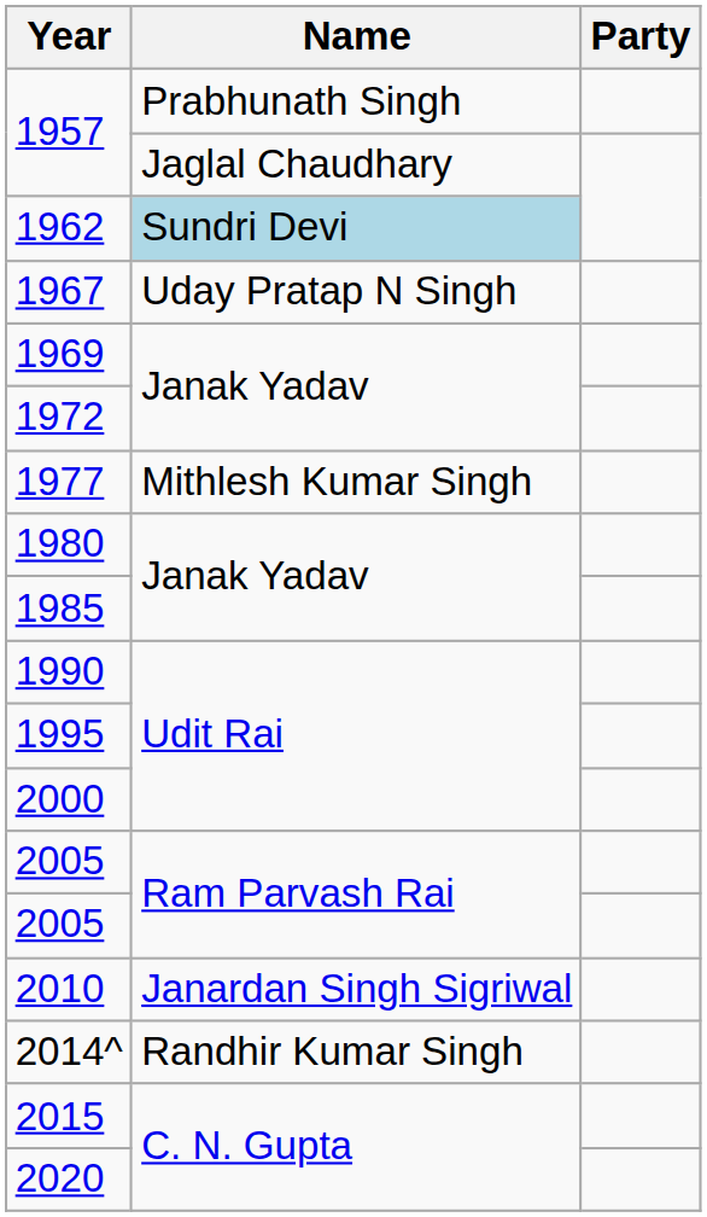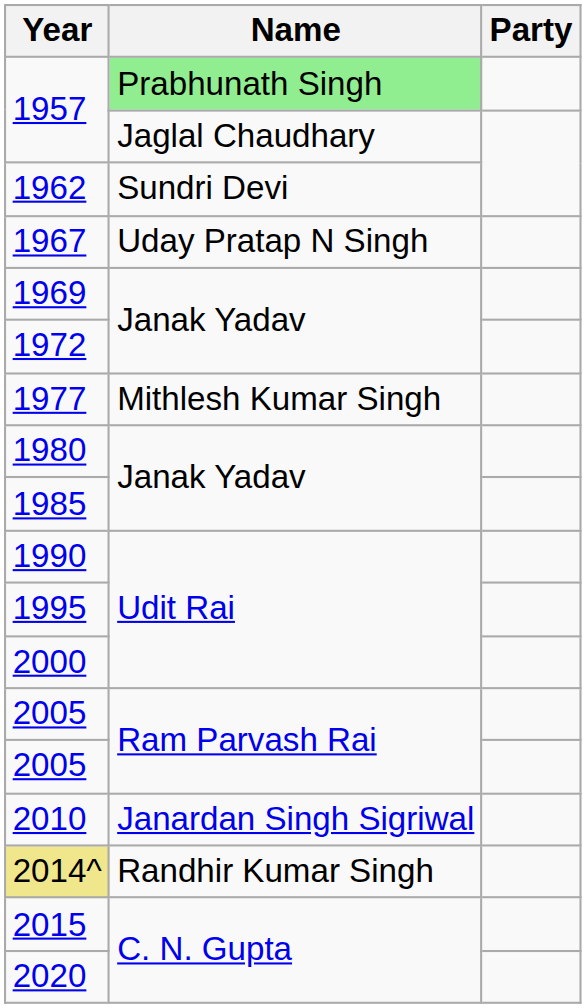 <table class="wikitable sortable">
 <tr>
 <th>Year</th>
 <th>Name</th>
 <th colspan="2">Party</th>
 </tr>
 <tr>
 <td rowspan="2"><a href='#'>1957</a></td>
-<td>Prabhunath Singh</td>
+<td style="background: lightgreen;">Prabhunath Singh</td>
 <td></td>
 </tr>
 <tr>
 <td>Jaglal Chaudhary</td>
 </tr>
 <tr>
 <td><a href='#'>1962</a></td>
-<td style="background: lightblue;">Sundri Devi</td>
+<td>Sundri Devi</td>
 </tr>
 <tr>
 <td><a href='#'>1967</a></td>
 <td>Uday Pratap N Singh</td>
 <td></td>
 </tr>
 <tr>
 <td><a href='#'>1969</a></td>
 <td rowspan="2">Janak Yadav</td>
 <td></td>
 </tr>
 <tr>
 <td><a href='#'>1972</a></td>
 <td></td>
 </tr>
 <tr>
 <td><a href='#'>1977</a></td>
 <td>Mithlesh Kumar Singh</td>
 <td></td>
 </tr>
 <tr>
 <td><a href='#'>1980</a></td>
 <td rowspan="2">Janak Yadav</td>
 </tr>
 <tr>
 <td><a href='#'>1985</a></td>
 <td></td>
 </tr>
 <tr>
 <td><a href='#'>1990</a></td>
 <td rowspan="3"><a href='#'>Udit Rai</a></td>
 </tr>
 <tr>
 <td><a href='#'>1995</a></td>
 <td></td>
 </tr>
 <tr>
 <td><a href='#'>2000</a></td>
 <td></td>
 </tr>
 <tr>
 <td><a href='#'>2005</a></td>
 <td rowspan="2"><a href='#'>Ram Parvash Rai</a></td>
 <td></td>
 </tr>
 <tr>
 <td><a href='#'>2005</a></td>
 </tr>
 <tr>
 <td><a href='#'>2010</a></td>
 <td><a href='#'>Janardan Singh Sigriwal</a></td>
 <td></td>
 </tr>
 <tr>
-<td>2014^</td>
+<td style="background: khaki;">2014^</td>
 <td>Randhir Kumar Singh</td>
 <td></td>
 </tr>
 <tr>
 <td><a href='#'>2015</a></td>
 <td rowspan="2"><a href='#'>C. N. Gupta</a></td>
 <td></td>
 </tr>
 <tr>
 <td><a href='#'>2020</a></td>
 </tr>
 </table>
